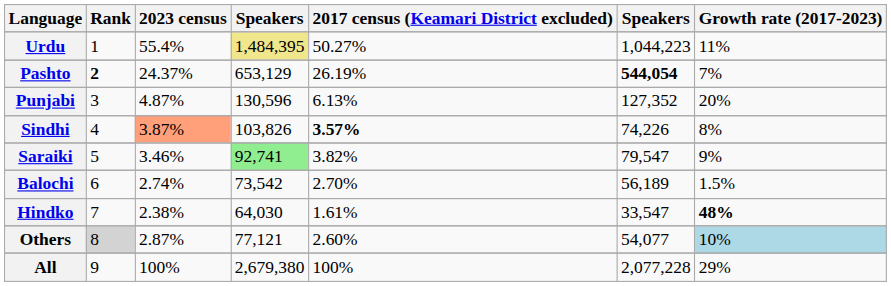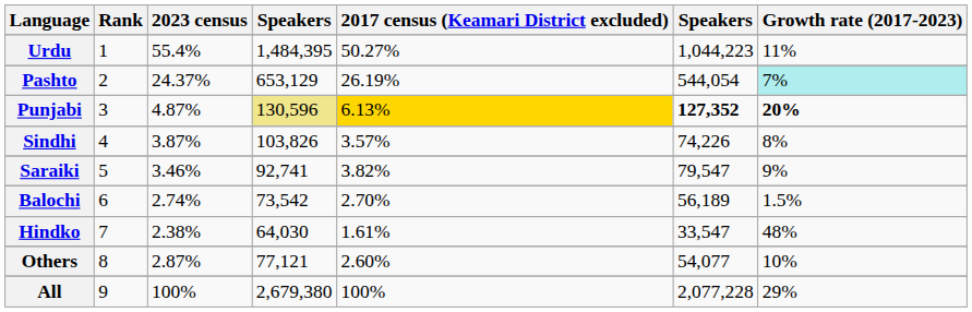 <table class="wikitable">
 <tr>
 <th>Language</th>
 <th>Rank</th>
 <th>2023 census</th>
 <th>Speakers</th>
 <th>2017 census (<a href='#'>Keamari District</a> excluded)</th>
 <th>Speakers</th>
 <th>Growth rate (2017-2023)</th>
 </tr>
 <tr>
 </tr>
 <tr>
 </tr>
 <tr>
 </tr>
 <tr>
 </tr>
 <tr>
 </tr>
 <tr>
 </tr>
 <tr>
 </tr>
 <tr>
 </tr>
 <tr>
 <th><a href='#'>Urdu</a></th>
 <td>1</td>
 <td>55.4%</td>
-<td style="background: khaki;">1,484,395</td>
+<td>1,484,395</td>
 <td>50.27%</td>
 <td>1,044,223</td>
 <td>11%</td>
 </tr>
 <tr>
 </tr>
 <tr>
 </tr>
 <tr>
 </tr>
 <tr>
 <th><a href='#'>Pashto</a></th>
-<td><strong>2</strong></td>
+<td>2</td>
 <td>24.37%</td>
 <td>653,129</td>
 <td>26.19%</td>
-<td><strong>544,054</strong></td>
-<td>7%</td>
+<td>544,054</td>
+<td style="background: paleturquoise;">7%</td>
 </tr>
 <tr>
 </tr>
 <tr>
 </tr>
 <tr>
 </tr>
 <tr>
 <th><a href='#'>Punjabi</a></th>
 <td>3</td>
 <td>4.87%</td>
-<td>130,596</td>
-<td>6.13%</td>
-<td>127,352</td>
-<td>20%</td>
+<td style="background: khaki;">130,596</td>
+<td style="background: gold;">6.13%</td>
+<td><strong>127,352</strong></td>
+<td><strong>20%</strong></td>
 </tr>
 <tr>
 </tr>
 <tr>
 </tr>
 <tr>
 </tr>
 <tr>
 <th><a href='#'>Sindhi</a></th>
 <td>4</td>
-<td style="background: lightsalmon;">3.87%</td>
+<td>3.87%</td>
 <td>103,826</td>
-<td><strong>3.57%</strong></td>
+<td>3.57%</td>
 <td>74,226</td>
 <td>8%</td>
 </tr>
 <tr>
 </tr>
 <tr>
 </tr>
 <tr>
 </tr>
 <tr>
 <th><a href='#'>Saraiki</a></th>
 <td>5</td>
 <td>3.46%</td>
-<td style="background: lightgreen;">92,741</td>
+<td>92,741</td>
 <td>3.82%</td>
 <td>79,547</td>
 <td>9%</td>
 </tr>
 <tr>
 </tr>
 <tr>
 </tr>
 <tr>
 </tr>
 <tr>
 <th><a href='#'>Balochi</a></th>
 <td>6</td>
 <td>2.74%</td>
 <td>73,542</td>
 <td>2.70%</td>
 <td>56,189</td>
 <td>1.5%</td>
 </tr>
 <tr>
 </tr>
 <tr>
 </tr>
 <tr>
 </tr>
 <tr>
 <th><a href='#'>Hindko</a></th>
 <td>7</td>
 <td>2.38%</td>
 <td>64,030</td>
 <td>1.61%</td>
 <td>33,547</td>
-<td><strong>48%</strong></td>
+<td>48%</td>
 </tr>
 <tr>
 </tr>
 <tr>
 </tr>
 <tr>
 </tr>
 <tr>
 <th>Others</th>
-<td style="background: lightgrey;">8</td>
+<td>8</td>
 <td>2.87%</td>
 <td>77,121</td>
 <td>2.60%</td>
 <td>54,077</td>
-<td style="background: lightblue;">10%</td>
+<td>10%</td>
 </tr>
 <tr>
 </tr>
 <tr>
 </tr>
 <tr>
 </tr>
 <tr>
 <th>All</th>
 <td>9</td>
 <td>100%</td>
 <td>2,679,380</td>
 <td>100%</td>
 <td>2,077,228</td>
 <td>29%</td>
 </tr>
 </table>
